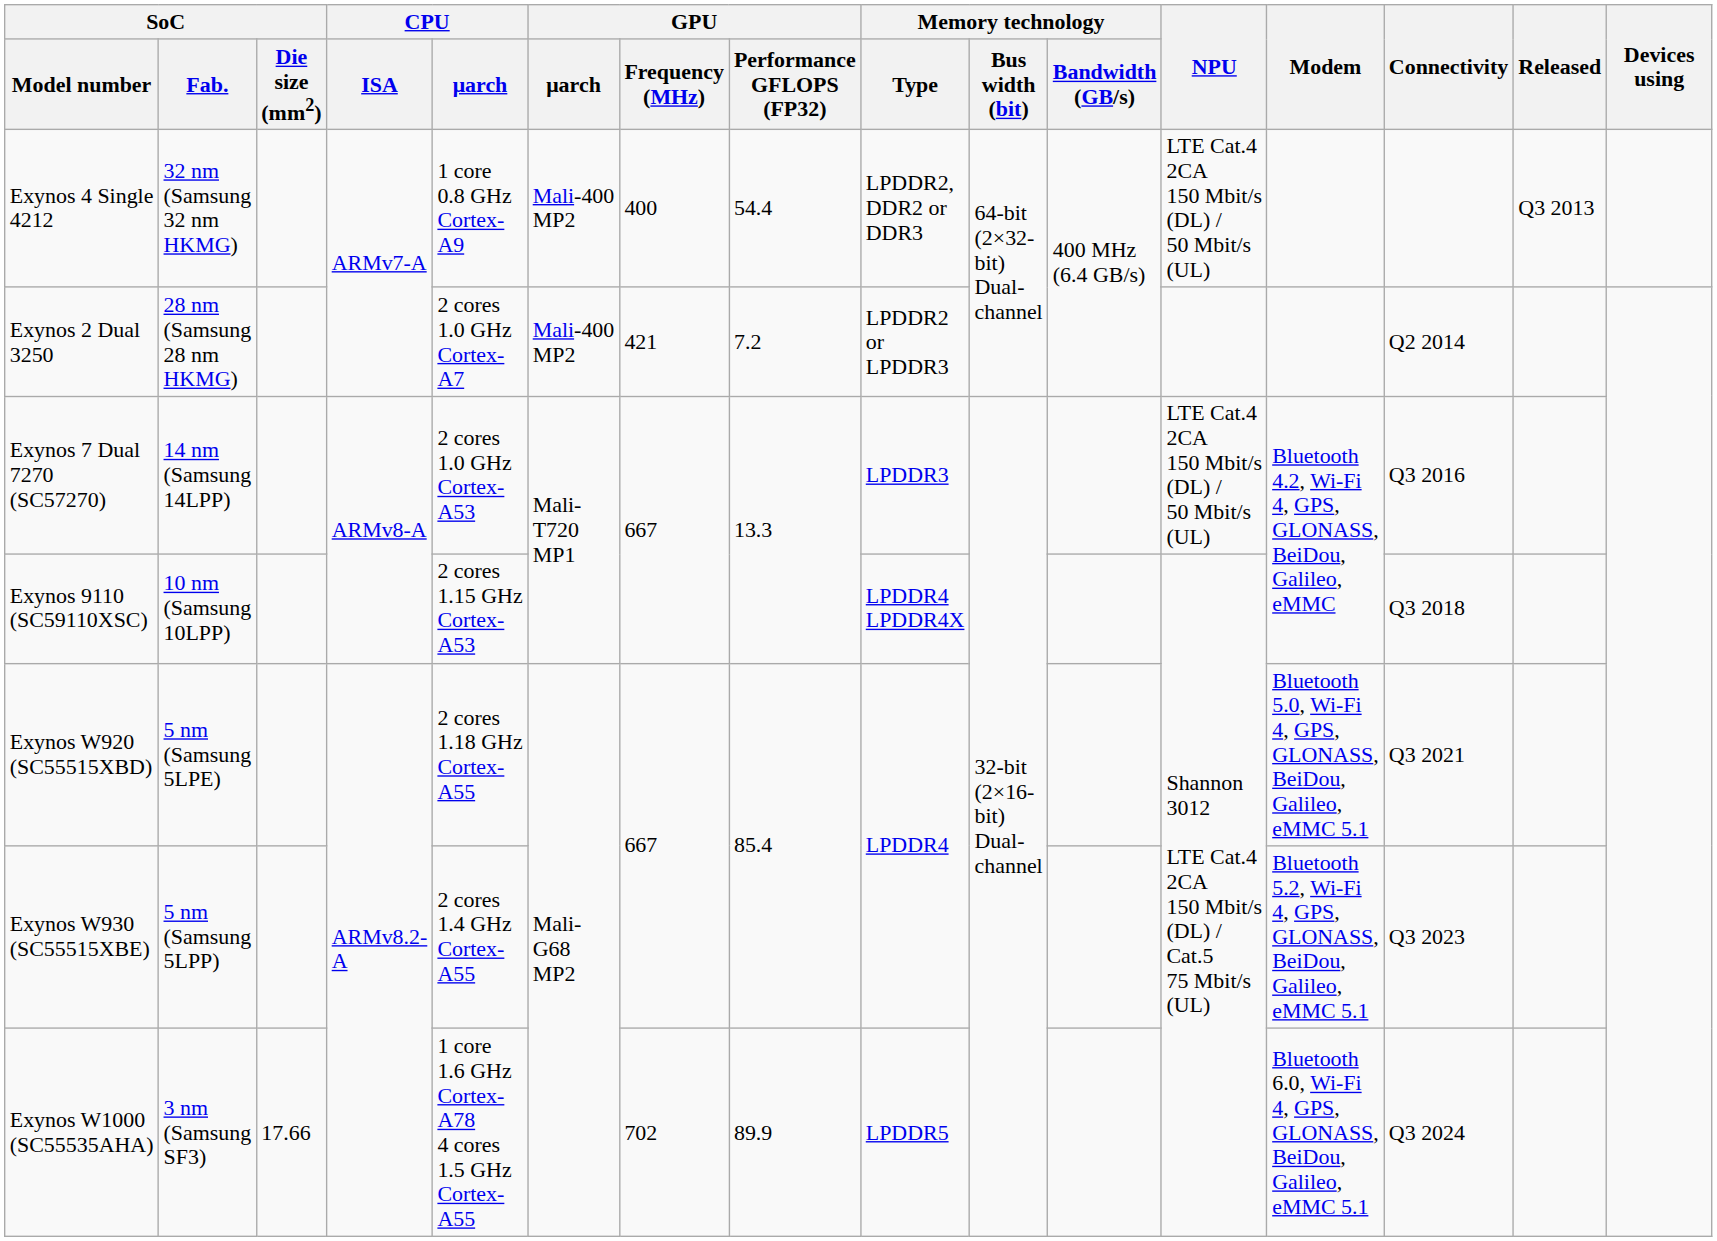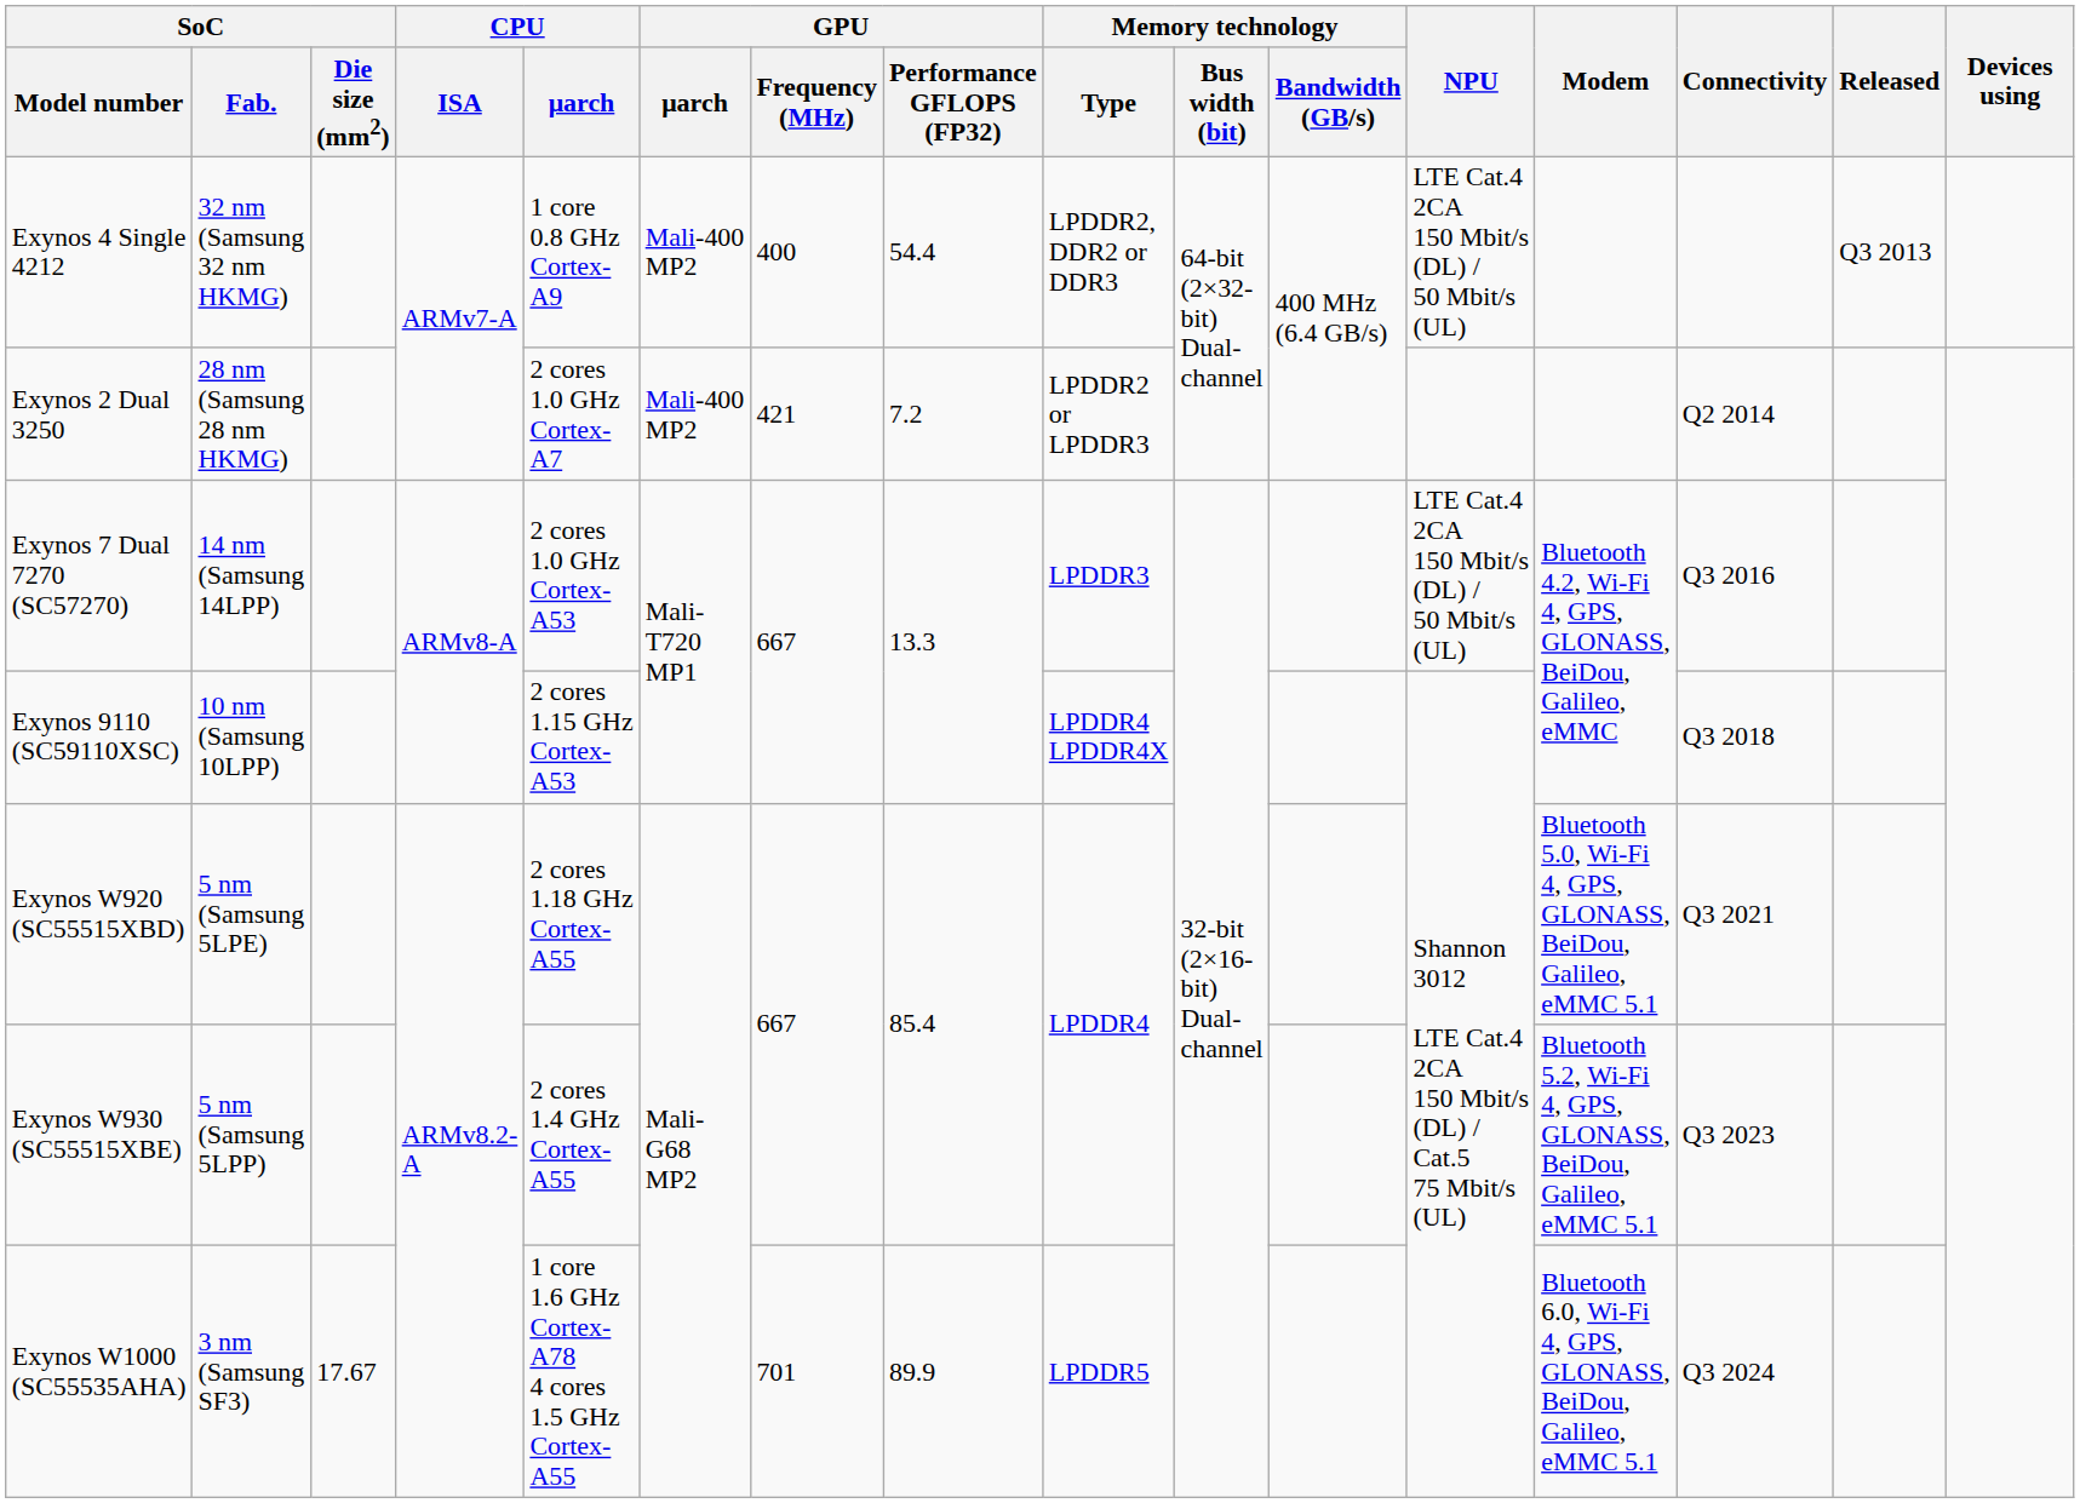 <table class="wikitable">
 <tr>
 <th colspan="3">SoC</th>
 <th colspan="2"><a href='#'>CPU</a></th>
 <th colspan="3">GPU</th>
 <th colspan="3">Memory technology</th>
 <th rowspan="2"><a href='#'>NPU</a></th>
 <th rowspan="2">Modem</th>
 <th rowspan="2">Connectivity</th>
 <th rowspan="2">Released</th>
 <th rowspan="2" style="min-width:70px">Devices using</th>
 </tr>
 <tr>
 <th>Model number</th>
 <th><a href='#'>Fab.</a></th>
 <th><a href='#'>Die</a> size (mm<sup>2</sup>)</th>
 <th><a href='#'>ISA</a></th>
 <th><a href='#'>μarch</a></th>
 <th>μarch</th>
 <th>Frequency (<a href='#'>MHz</a>)</th>
 <th>Performance GFLOPS (FP32)</th>
 <th>Type</th>
 <th>Bus width (<a href='#'>bit</a>)</th>
 <th><a href='#'>Bandwidth</a> (<a href='#'>GB</a>/s)</th>
 </tr>
 <tr>
 <td>Exynos 4 Single 4212</td>
 <td><a href='#'>32 nm</a> (Samsung 32 nm <a href='#'>HKMG</a>)</td>
 <td></td>
 <td rowspan=2><a href='#'>ARMv7-A</a></td>
 <td>1 core 0.8 GHz <a href='#'>Cortex-A9</a></td>
 <td><a href='#'>Mali</a>-400 MP2</td>
 <td>400</td>
 <td>54.4</td>
 <td>LPDDR2, DDR2 or DDR3</td>
 <td rowspan=2>64-bit (2×32-bit) Dual-channel</td>
 <td rowspan=2>400 MHz (6.4 GB/s)</td>
 <td>LTE Cat.4 2CA 150 Mbit/s (DL) / 50 Mbit/s (UL)</td>
 <td></td>
 <td></td>
 <td>Q3 2013</td>
 <td></td>
 </tr>
 <tr>
 <td>Exynos 2 Dual 3250</td>
 <td><a href='#'>28 nm</a> (Samsung 28 nm <a href='#'>HKMG</a>)</td>
 <td></td>
 <td>2 cores 1.0 GHz <a href='#'>Cortex-A7</a></td>
 <td><a href='#'>Mali</a>-400 MP2</td>
 <td>421</td>
 <td>7.2</td>
 <td>LPDDR2 or<br>LPDDR3</td>
 <td></td>
 <td></td>
 <td>Q2 2014</td>
 <td></td>
 </tr>
 <tr>
 <td>Exynos 7 Dual 7270<br>(SC57270)</td>
 <td><a href='#'>14 nm</a> (Samsung 14LPP)</td>
 <td></td>
 <td rowspan="2"><a href='#'>ARMv8-A</a></td>
 <td>2 cores 1.0 GHz <a href='#'>Cortex-A53</a></td>
 <td rowspan="2">Mali-T720 MP1</td>
 <td rowspan="2">667</td>
 <td rowspan="2">13.3</td>
 <td><a href='#'>LPDDR3</a></td>
 <td rowspan="5">32-bit (2×16-bit) Dual-channel</td>
 <td></td>
 <td>LTE Cat.4 2CA 150 Mbit/s (DL) / 50 Mbit/s (UL)</td>
 <td rowspan="2"><a href='#'>Bluetooth 4.2</a>, <a href='#'>Wi-Fi 4</a>, <a href='#'>GPS</a>, <a href='#'>GLONASS</a>, <a href='#'>BeiDou</a>, <a href='#'>Galileo</a>, <a href='#'>eMMC</a></td>
 <td>Q3 2016</td>
 <td></td>
 </tr>
 <tr>
 <td>Exynos 9110<br>(SC59110XSC)</td>
 <td><a href='#'>10 nm</a> (Samsung 10LPP)</td>
 <td></td>
 <td>2 cores 1.15 GHz <a href='#'>Cortex-A53</a></td>
 <td><a href='#'>LPDDR4</a><br><a href='#'>LPDDR4X</a></td>
 <td></td>
 <td rowspan="4">Shannon 3012<br><br>LTE Cat.4 2CA 150 Mbit/s (DL) / Cat.5 75 Mbit/s (UL)</td>
 <td>Q3 2018</td>
 <td></td>
 </tr>
 <tr>
 <td>Exynos W920<br>(SC55515XBD)</td>
 <td><a href='#'>5 nm</a> (Samsung 5LPE)</td>
 <td></td>
 <td rowspan="3"><a href='#'>ARMv8.2-A</a></td>
 <td>2 cores 1.18 GHz <a href='#'>Cortex-A55</a></td>
 <td rowspan="3">Mali-G68 MP2</td>
 <td rowspan="2">667</td>
 <td rowspan="2">85.4</td>
 <td rowspan="2"><a href='#'>LPDDR4</a></td>
 <td></td>
 <td><a href='#'>Bluetooth 5.0</a>, <a href='#'>Wi-Fi 4</a>, <a href='#'>GPS</a>, <a href='#'>GLONASS</a>, <a href='#'>BeiDou</a>, <a href='#'>Galileo</a>, <a href='#'>eMMC 5.1</a></td>
 <td>Q3 2021</td>
 <td></td>
 </tr>
 <tr>
 <td>Exynos W930<br>(SC55515XBE)</td>
 <td><a href='#'>5 nm</a> (Samsung 5LPP)</td>
 <td></td>
 <td>2 cores 1.4 GHz <a href='#'>Cortex-A55</a></td>
 <td></td>
 <td><a href='#'>Bluetooth 5.2</a>, <a href='#'>Wi-Fi 4</a>, <a href='#'>GPS</a>, <a href='#'>GLONASS</a>, <a href='#'>BeiDou</a>, <a href='#'>Galileo</a>, <a href='#'>eMMC 5.1</a></td>
 <td>Q3 2023</td>
 <td></td>
 </tr>
 <tr>
 <td>Exynos W1000<br>(SC55535AHA)</td>
 <td><a href='#'>3 nm</a> (Samsung SF3)</td>
-<td>17.66</td>
+<td>17.67</td>
 <td>1 core 1.6 GHz <a href='#'>Cortex-A78</a><br>4 cores 1.5 GHz <a href='#'>Cortex-A55</a></td>
-<td>702</td>
+<td>701</td>
 <td>89.9</td>
 <td><a href='#'>LPDDR5</a></td>
 <td></td>
 <td><a href='#'>Bluetooth</a> 6.0, <a href='#'>Wi-Fi 4</a>, <a href='#'>GPS</a>, <a href='#'>GLONASS</a>, <a href='#'>BeiDou</a>, <a href='#'>Galileo</a>, <a href='#'>eMMC 5.1</a></td>
 <td>Q3 2024</td>
 <td></td>
 </tr>
 </table>
